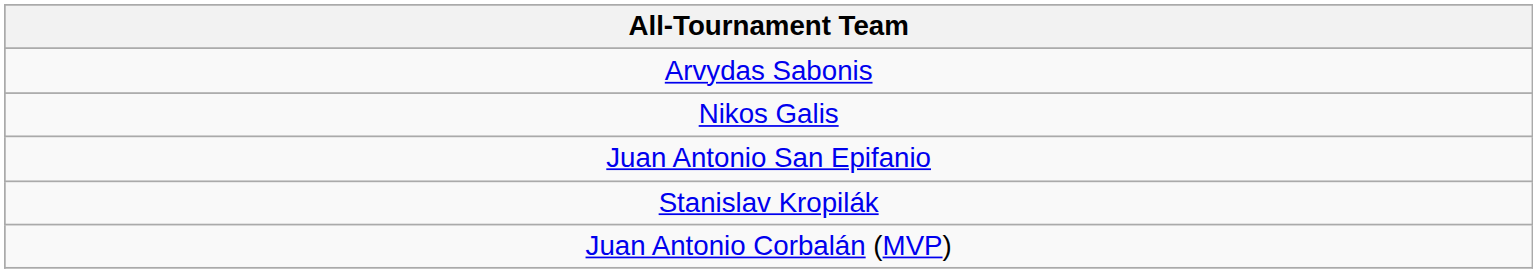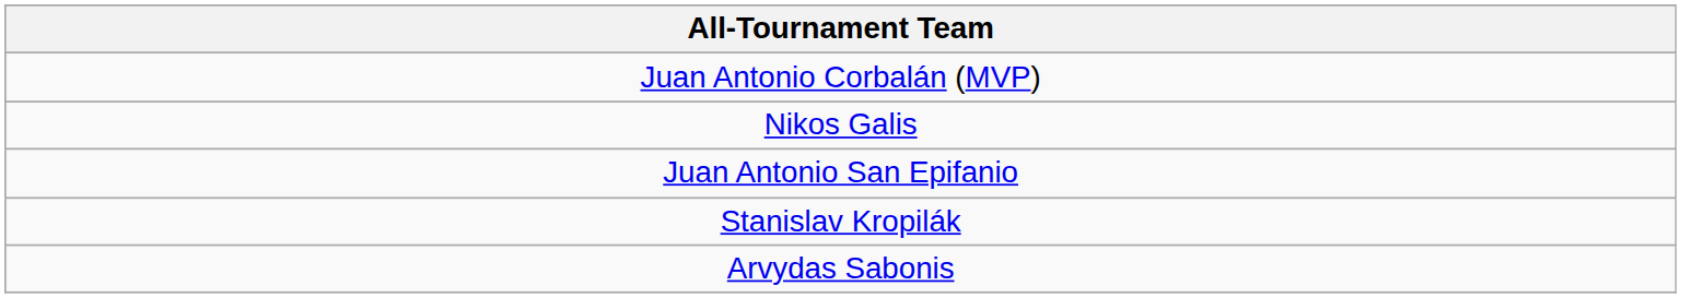 <table class="wikitable sortable" style="text-align:center; width: 100%">
 <tr>
 <th>All-Tournament Team</th>
 </tr>
 <tr>
-<td> <a href='#'>Arvydas Sabonis</a></td>
+<td> <a href='#'>Juan Antonio Corbalán</a> (<a href='#'>MVP</a>)</td>
 </tr>
 <tr>
 <td> <a href='#'>Nikos Galis</a></td>
 </tr>
 <tr>
 <td> <a href='#'>Juan Antonio San Epifanio</a></td>
 </tr>
 <tr>
 <td> <a href='#'>Stanislav Kropilák</a></td>
 </tr>
 <tr>
-<td> <a href='#'>Juan Antonio Corbalán</a> (<a href='#'>MVP</a>)</td>
+<td> <a href='#'>Arvydas Sabonis</a></td>
 </tr>
 </table>
